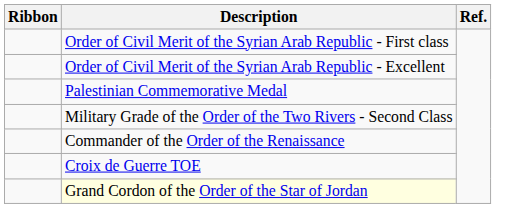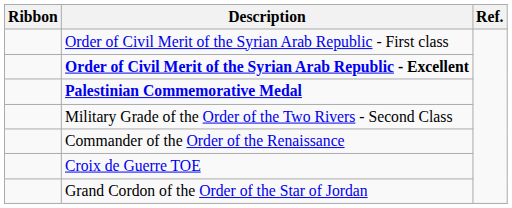 <table class="wikitable">
 <tr>
 <th>Ribbon</th>
 <th>Description</th>
 <th>Ref.</th>
 </tr>
 <tr>
 <td></td>
 <td><a href='#'>Order of Civil Merit of the Syrian Arab Republic</a> - First class</td>
 <td rowspan="7"></td>
 </tr>
 <tr>
 <td></td>
-<td><a href='#'>Order of Civil Merit of the Syrian Arab Republic</a> - Excellent</td>
+<td><strong><a href='#'>Order of Civil Merit of the Syrian Arab Republic</a> - Excellent</strong></td>
 </tr>
 <tr>
 <td></td>
-<td><a href='#'>Palestinian Commemorative Medal</a></td>
+<td><strong><a href='#'>Palestinian Commemorative Medal</a></strong></td>
 </tr>
 <tr>
 <td></td>
 <td>Military Grade of the <a href='#'>Order of the Two Rivers</a> - Second Class</td>
 </tr>
 <tr>
 <td></td>
 <td>Commander of the <a href='#'>Order of the Renaissance</a></td>
 </tr>
 <tr>
 <td></td>
 <td><a href='#'>Croix de Guerre TOE</a></td>
 </tr>
 <tr>
 <td></td>
-<td style="background: lightyellow;">Grand Cordon of the <a href='#'>Order of the Star of Jordan</a></td>
+<td>Grand Cordon of the <a href='#'>Order of the Star of Jordan</a></td>
 </tr>
 </table>
